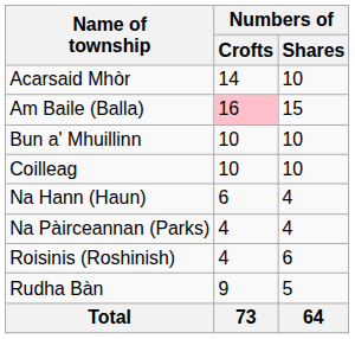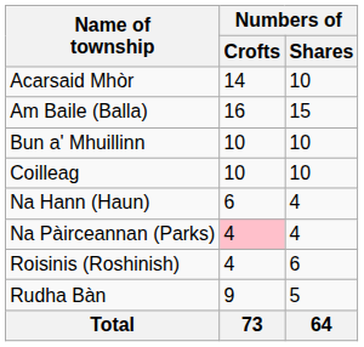 <table class=wikitable>
 <tr>
 <th rowspan=2>Name of<br>township</th>
 <th colspan=2>Numbers of</th>
 </tr>
 <tr>
 <th>Crofts</th>
 <th>Shares</th>
 </tr>
 <tr>
 <td>Acarsaid Mhòr</td>
 <td>14</td>
 <td>10</td>
 </tr>
 <tr>
 <td>Am Baile (Balla)</td>
-<td style="background: pink;">16</td>
+<td>16</td>
 <td>15</td>
 </tr>
 <tr>
 <td>Bun a' Mhuillinn</td>
 <td>10</td>
 <td>10</td>
 </tr>
 <tr>
 <td>Coilleag</td>
 <td>10</td>
 <td>10</td>
 </tr>
 <tr>
 <td>Na Hann (Haun)</td>
 <td>6</td>
 <td>4</td>
 </tr>
 <tr>
 <td>Na Pàirceannan (Parks)</td>
-<td>4</td>
+<td style="background: pink;">4</td>
 <td>4</td>
 </tr>
 <tr>
 <td>Roisinis (Roshinish)</td>
 <td>4</td>
 <td>6</td>
 </tr>
 <tr>
 <td>Rudha Bàn</td>
 <td>9</td>
 <td>5</td>
 </tr>
 <tr>
 <th>Total</th>
 <th>73</th>
 <th>64</th>
 </tr>
 </table>
